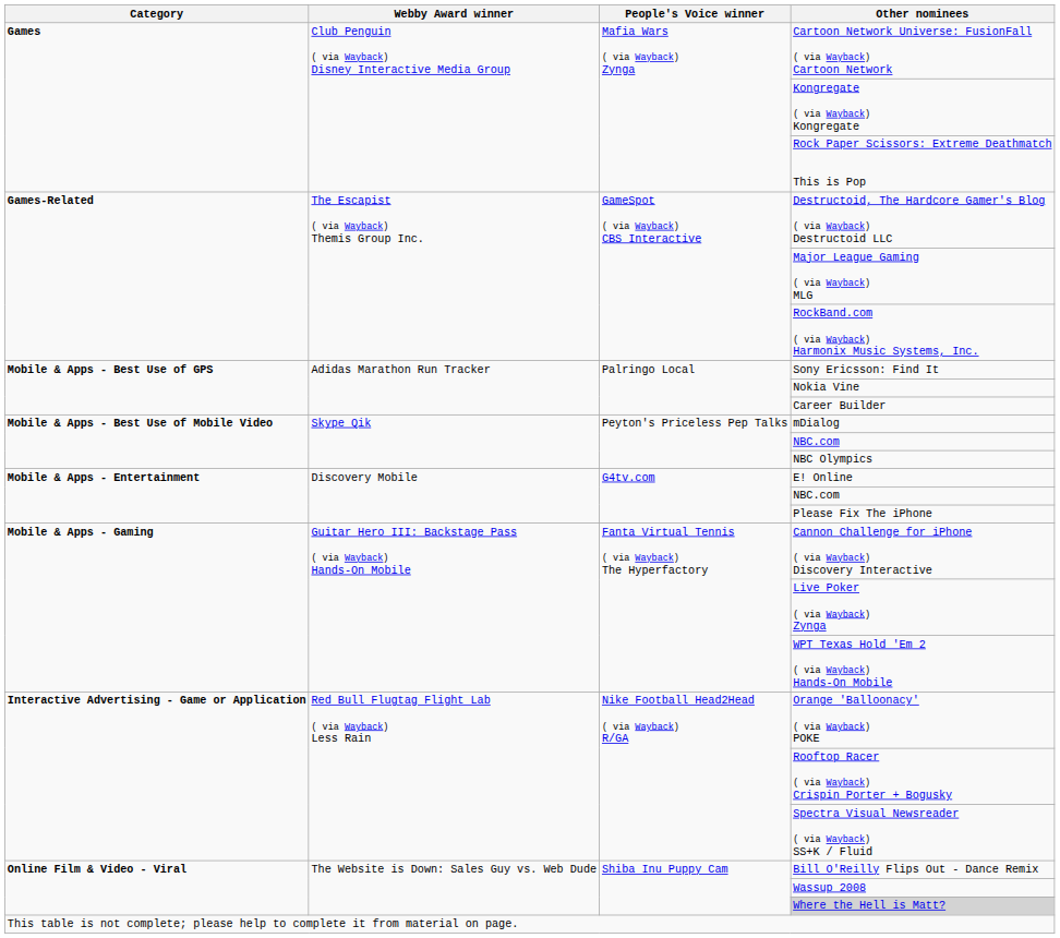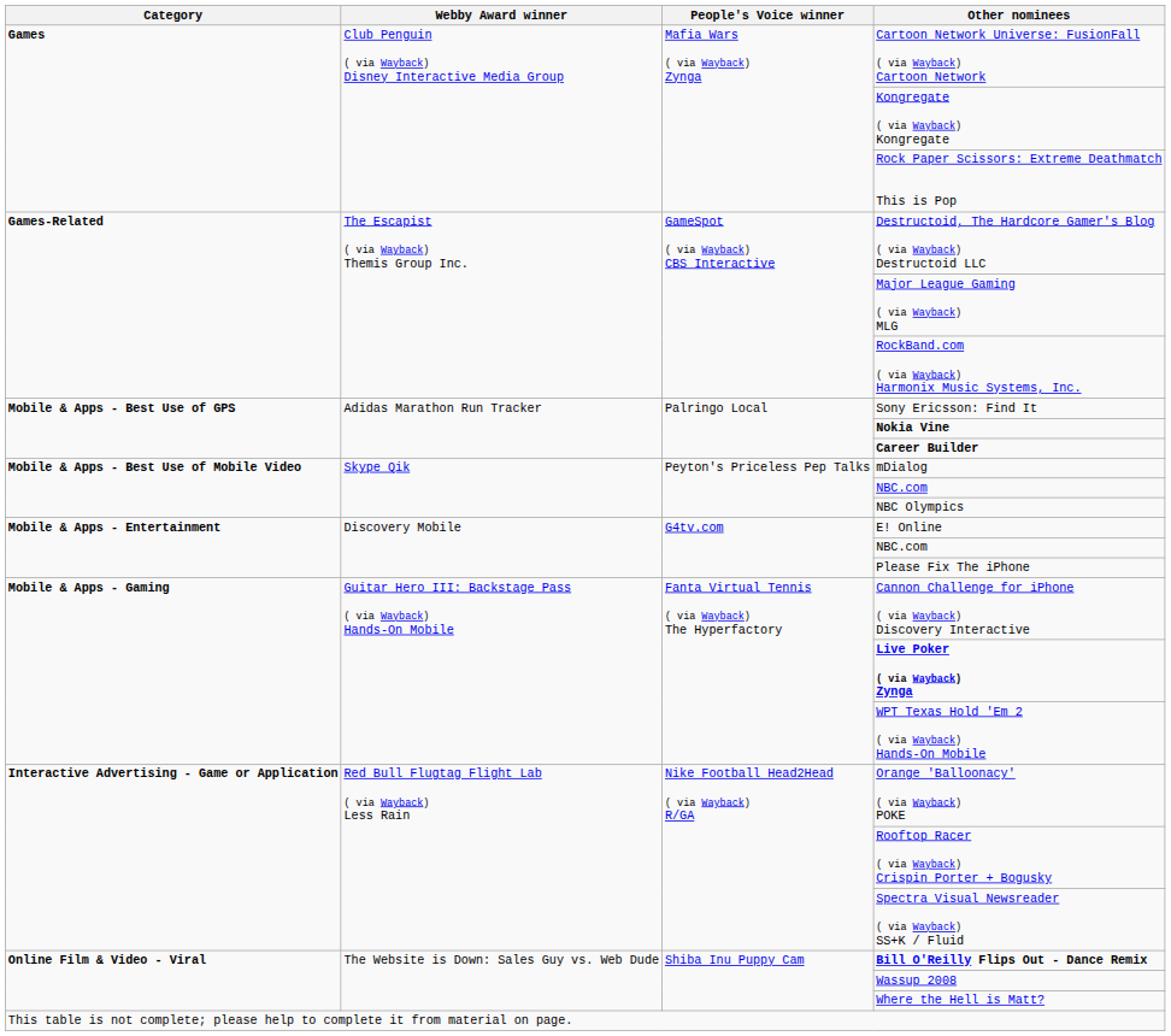 <table class="wikitable">
 <tr>
 <th>Category</th>
 <th>Webby Award winner</th>
 <th>People's Voice winner</th>
 <th>Other nominees</th>
 </tr>
 <tr valign="top">
 <td rowspan="3"><strong>Games</strong></td>
 <td rowspan="3"><a href='#'>Club Penguin</a><br><br><small>( via <a href='#'>Wayback</a>)</small><br> <a href='#'>Disney Interactive Media Group</a></td>
 <td rowspan="3"><a href='#'>Mafia Wars</a><br><br><small>( via <a href='#'>Wayback</a>)</small><br> <a href='#'>Zynga</a></td>
 <td><a href='#'>Cartoon Network Universe: FusionFall</a><br><br><small>( via <a href='#'>Wayback</a>)</small><br> <a href='#'>Cartoon Network</a></td>
 </tr>
 <tr valign="top">
 <td><a href='#'>Kongregate</a><br><br><small>( via <a href='#'>Wayback</a>)</small><br> Kongregate</td>
 </tr>
 <tr valign="top">
 <td><a href='#'>Rock Paper Scissors: Extreme Deathmatch</a><br><br><small></small><br> This is Pop</td>
 </tr>
 <tr valign="top">
 <td rowspan="3"><strong>Games-Related</strong></td>
 <td rowspan="3"><a href='#'>The Escapist</a><br><br><small>( via <a href='#'>Wayback</a>)</small><br> Themis Group Inc.</td>
 <td rowspan="3"><a href='#'>GameSpot</a><br><br><small>( via <a href='#'>Wayback</a>)</small><br> <a href='#'>CBS Interactive</a></td>
 <td><a href='#'>Destructoid, The Hardcore Gamer's Blog</a><br><br><small>( via <a href='#'>Wayback</a>)</small><br> Destructoid LLC</td>
 </tr>
 <tr valign="top">
 <td><a href='#'>Major League Gaming</a><br><br><small>( via <a href='#'>Wayback</a>)</small><br> MLG</td>
 </tr>
 <tr valign="top">
 <td><a href='#'>RockBand.com</a><br><br><small>( via <a href='#'>Wayback</a>)</small><br> <a href='#'>Harmonix Music Systems, Inc.</a></td>
 </tr>
 <tr valign="top">
 <td rowspan="3"><strong>Mobile & Apps - Best Use of GPS</strong></td>
 <td rowspan="3">Adidas Marathon Run Tracker</td>
 <td rowspan="3">Palringo Local</td>
 <td>Sony Ericsson: Find It<br></td>
 </tr>
 <tr valign="top">
-<td>Nokia Vine<br></td>
+<td><strong>Nokia Vine<br></strong></td>
 </tr>
 <tr valign="top">
-<td>Career Builder</td>
+<td><strong>Career Builder</strong></td>
 </tr>
 <tr valign="top">
 <td rowspan="3"><strong>Mobile & Apps - Best Use of Mobile Video</strong></td>
 <td rowspan="3"><a href='#'>Skype Qik</a></td>
 <td rowspan="3">Peyton's Priceless Pep Talks</td>
 <td>mDialog<br></td>
 </tr>
 <tr valign="top">
 <td><a href='#'>NBC.com</a><br></td>
 </tr>
 <tr valign="top">
 <td>NBC Olympics</td>
 </tr>
 <tr valign="top">
 <td rowspan="3"><strong>Mobile & Apps - Entertainment</strong></td>
 <td rowspan="3">Discovery Mobile</td>
 <td rowspan="3"><a href='#'>G4tv.com</a></td>
 <td>E! Online<br></td>
 </tr>
 <tr valign="top">
 <td>NBC.com<br></td>
 </tr>
 <tr valign="top">
 <td>Please Fix The iPhone</td>
 </tr>
 <tr valign="top">
 <td rowspan="3"><strong>Mobile & Apps - Gaming</strong></td>
 <td rowspan="3"><a href='#'>Guitar Hero III: Backstage Pass</a><br><br><small>( via <a href='#'>Wayback</a>)</small><br> <a href='#'>Hands-On Mobile</a></td>
 <td rowspan="3"><a href='#'>Fanta Virtual Tennis</a><br><br><small>( via <a href='#'>Wayback</a>)</small><br> The Hyperfactory</td>
 <td><a href='#'>Cannon Challenge for iPhone</a><br><br><small>( via <a href='#'>Wayback</a>)</small><br> Discovery Interactive</td>
 </tr>
 <tr valign="top">
-<td><a href='#'>Live Poker</a><br><br><small>( via <a href='#'>Wayback</a>)</small><br> <a href='#'>Zynga</a></td>
+<td><strong><a href='#'>Live Poker</a><br><br><small>( via <a href='#'>Wayback</a>)</small><br> <a href='#'>Zynga</a></strong></td>
 </tr>
 <tr valign="top">
 <td><a href='#'>WPT Texas Hold 'Em 2</a><br><br><small>( via <a href='#'>Wayback</a>)</small><br> <a href='#'>Hands-On Mobile</a></td>
 </tr>
 <tr valign="top">
 <td rowspan="3"><strong>Interactive Advertising - Game or Application</strong></td>
 <td rowspan="3"><a href='#'>Red Bull Flugtag Flight Lab</a><br><br><small>( via <a href='#'>Wayback</a>)</small><br> Less Rain</td>
 <td rowspan="3"><a href='#'>Nike Football Head2Head</a><br><br><small>( via <a href='#'>Wayback</a>)</small><br> <a href='#'>R/GA</a></td>
 <td><a href='#'>Orange 'Balloonacy'</a><br><br><small>( via <a href='#'>Wayback</a>)</small><br> POKE</td>
 </tr>
 <tr valign="top">
 <td><a href='#'>Rooftop Racer</a><br><br><small>( via <a href='#'>Wayback</a>)</small><br> <a href='#'>Crispin Porter + Bogusky</a></td>
 </tr>
 <tr valign="top">
 <td><a href='#'>Spectra Visual Newsreader</a><br><br><small>( via <a href='#'>Wayback</a>)</small><br> SS+K / Fluid</td>
 </tr>
 <tr valign="top">
 <td rowspan="3"><strong>Online Film & Video - Viral</strong></td>
 <td rowspan="3">The Website is Down: Sales Guy vs. Web Dude</td>
 <td rowspan="3"><a href='#'>Shiba Inu Puppy Cam</a></td>
-<td><a href='#'>Bill O'Reilly</a> Flips Out - Dance Remix</td>
+<td><strong><a href='#'>Bill O'Reilly</a> Flips Out - Dance Remix</strong></td>
 </tr>
 <tr valign="top">
 <td><a href='#'>Wassup 2008</a></td>
 </tr>
 <tr valign="top">
-<td style="background: lightgrey;"><a href='#'>Where the Hell is Matt?</a></td>
+<td><a href='#'>Where the Hell is Matt?</a></td>
 </tr>
 <tr>
 <td colspan=4>This table is not complete; please help to complete it from material on  page.</td>
 </tr>
 </table>
